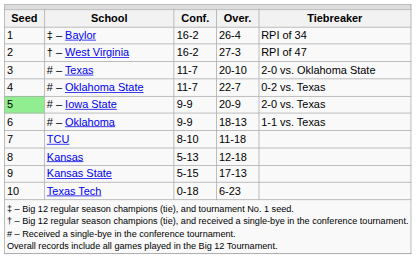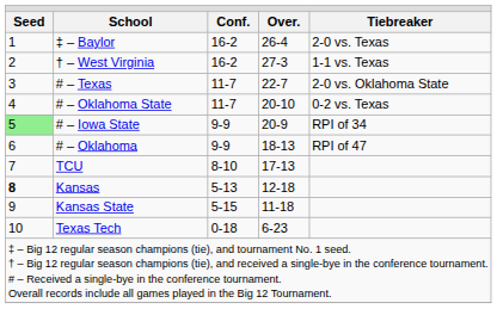 <table class="wikitable" style="white-space:nowrap; font-size:90%;">
 <tr>
 <td colspan="10" style="text-align:center; background:#DDDDDD; font:#000000"><strong></strong></td>
 </tr>
 <tr bgcolor="#efefef">
 <th>Seed</th>
 <th>School</th>
 <th>Conf.</th>
 <th>Over.</th>
 <th>Tiebreaker</th>
 </tr>
 <tr>
 <td>1</td>
 <td>‡ – <a href='#'>Baylor</a></td>
 <td>16-2</td>
 <td>26-4</td>
-<td>RPI of 34</td>
+<td>2-0 vs. Texas</td>
 </tr>
 <tr>
 <td>2</td>
 <td>† – <a href='#'>West Virginia</a></td>
 <td>16-2</td>
 <td>27-3</td>
-<td>RPI of 47</td>
+<td>1-1 vs. Texas</td>
 </tr>
 <tr>
 <td>3</td>
 <td># – <a href='#'>Texas</a></td>
 <td>11-7</td>
-<td>20-10</td>
+<td>22-7</td>
 <td>2-0 vs. Oklahoma State</td>
 </tr>
 <tr>
 <td>4</td>
 <td># – <a href='#'>Oklahoma State</a></td>
 <td>11-7</td>
-<td>22-7</td>
+<td>20-10</td>
 <td>0-2 vs. Texas</td>
 </tr>
 <tr>
 <td style="background: lightgreen;">5</td>
 <td># – <a href='#'>Iowa State</a></td>
 <td>9-9</td>
 <td>20-9</td>
-<td>2-0 vs. Texas</td>
+<td>RPI of 34</td>
 </tr>
 <tr>
 <td>6</td>
 <td># – <a href='#'>Oklahoma</a></td>
 <td>9-9</td>
 <td>18-13</td>
-<td>1-1 vs. Texas</td>
+<td>RPI of 47</td>
 </tr>
 <tr>
 <td>7</td>
 <td><a href='#'>TCU</a></td>
 <td>8-10</td>
-<td>11-18</td>
+<td>17-13</td>
 <td></td>
 </tr>
 <tr>
-<td>8</td>
+<td><strong>8</strong></td>
 <td><a href='#'>Kansas</a></td>
 <td>5-13</td>
 <td>12-18</td>
 <td></td>
 </tr>
 <tr>
 <td>9</td>
 <td><a href='#'>Kansas State</a></td>
 <td>5-15</td>
-<td>17-13</td>
+<td>11-18</td>
 <td></td>
 </tr>
 <tr>
 <td>10</td>
 <td><a href='#'>Texas Tech</a></td>
 <td>0-18</td>
 <td>6-23</td>
 <td></td>
 </tr>
 <tr>
 <td colspan="10" style="text-align:left;"><small>‡ – Big 12 regular season champions (tie), and tournament No. 1 seed.<br>† – Big 12 regular season champions (tie), and received a single-bye in the conference tournament.<br># – Received a single-bye in the conference tournament.<br>Overall records include all games played in the Big 12 Tournament.</small></td>
 </tr>
 <tr>
 </tr>
 </table>
